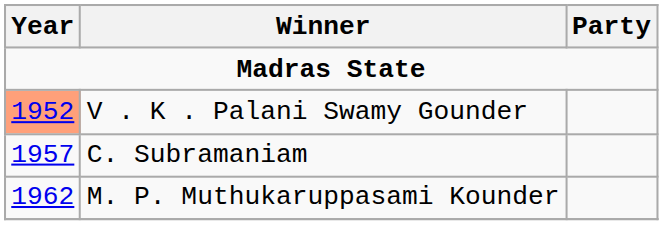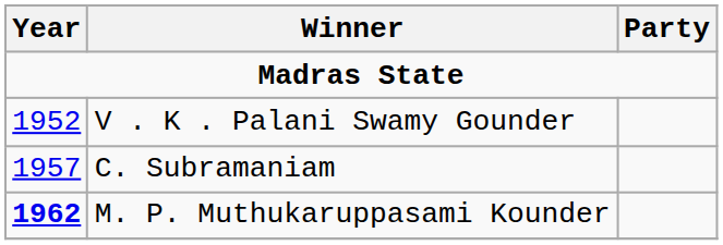 <table class="wikitable sortable">
 <tr>
 <th>Year</th>
 <th>Winner</th>
 <th colspan="2">Party</th>
 </tr>
 <tr>
 <td style="text-align: center;" colspan="4"><strong>Madras State</strong></td>
 </tr>
 <tr>
-<td style="background: lightsalmon;"><a href='#'>1952</a></td>
+<td><a href='#'>1952</a></td>
 <td>V . K . Palani Swamy Gounder</td>
 <td></td>
 </tr>
 <tr>
 <td><a href='#'>1957</a></td>
 <td>C. Subramaniam</td>
 <td></td>
 </tr>
 <tr>
-<td><a href='#'>1962</a></td>
+<td><strong><a href='#'>1962</a></strong></td>
 <td>M. P. Muthukaruppasami Kounder</td>
 <td></td>
 </tr>
 <tr>
 </tr>
 </table>
